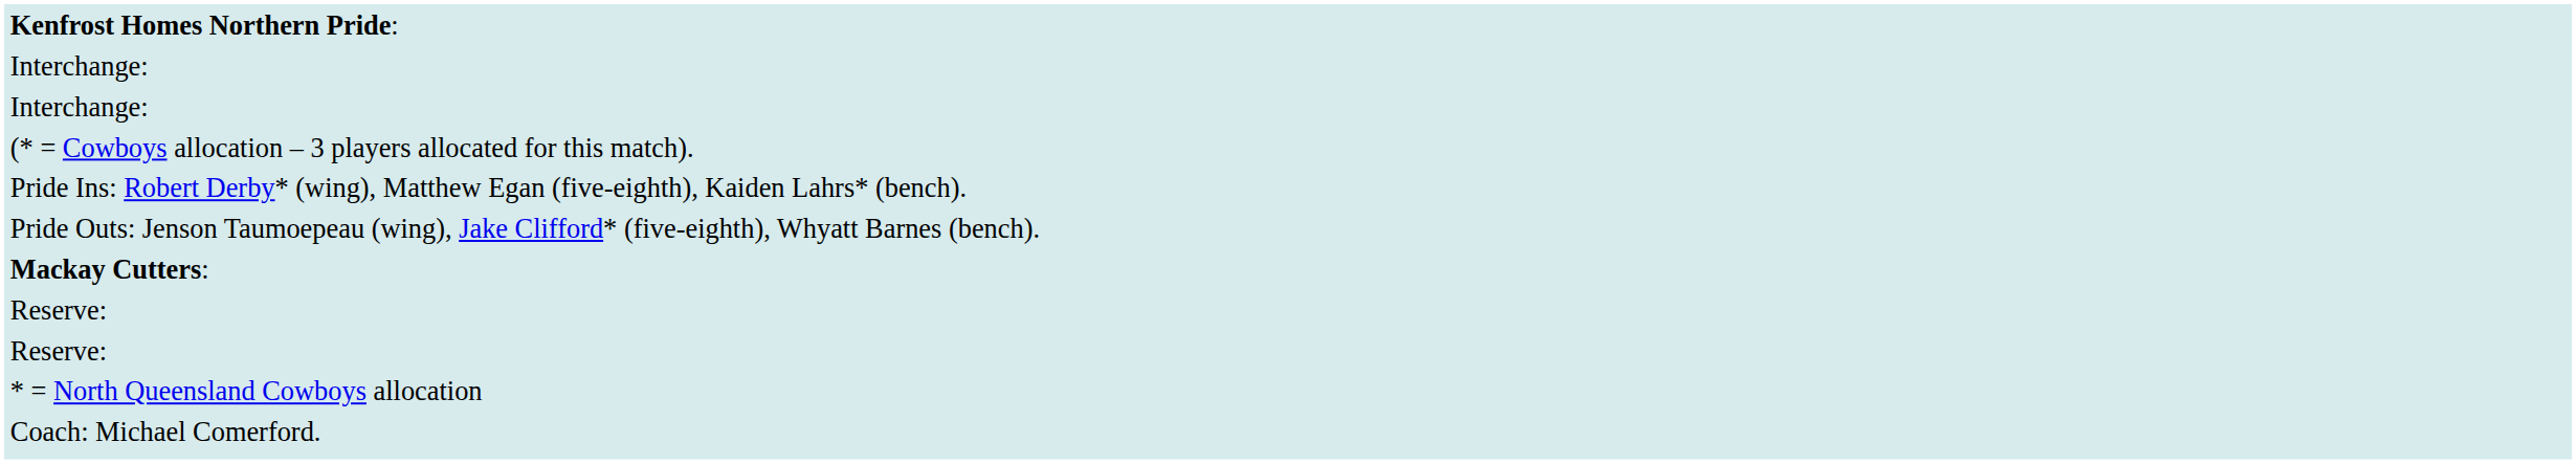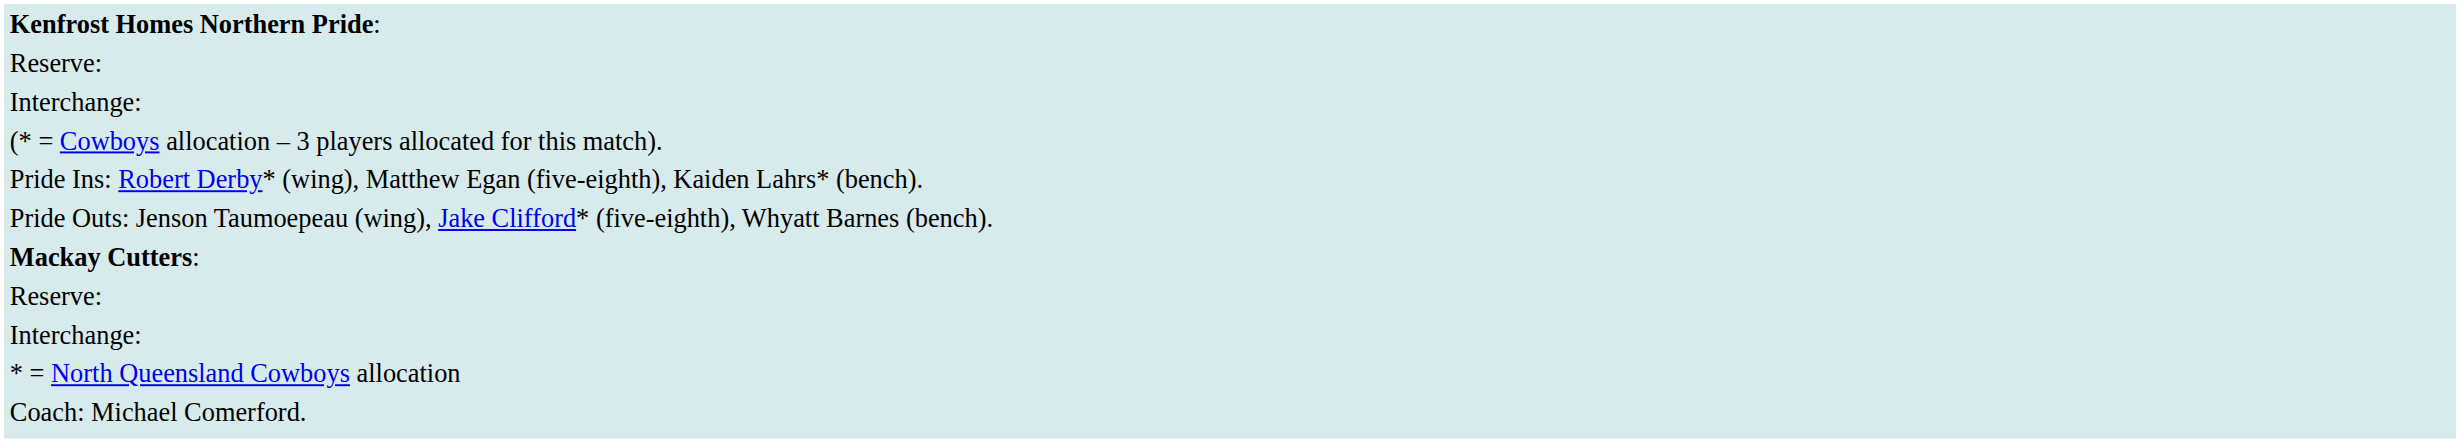 <table style="background:#d7ebed; font-size:85%; width:100%;">
 <tr>
 <td><strong>Kenfrost Homes Northern Pride</strong>:             </td>
 </tr>
 <tr>
-<td>Interchange:    </td>
+<td>Reserve: </td>
 </tr>
 <tr>
 <td>Interchange:    </td>
 </tr>
 <tr>
 <td>(* = <a href='#'>Cowboys</a> allocation – 3 players allocated for this match).</td>
 </tr>
 <tr>
 <td>Pride Ins: <a href='#'>Robert Derby</a>* (wing), Matthew Egan (five-eighth), Kaiden Lahrs* (bench).</td>
 </tr>
 <tr>
 <td>Pride Outs: Jenson Taumoepeau (wing), <a href='#'>Jake Clifford</a>* (five-eighth), Whyatt Barnes (bench).</td>
 </tr>
 <tr>
 <td><strong>Mackay Cutters</strong>:             </td>
 </tr>
 <tr>
 <td>Reserve: </td>
 </tr>
 <tr>
-<td>Reserve: </td>
+<td>Interchange:    </td>
 </tr>
 <tr>
 <td>* = <a href='#'>North Queensland Cowboys</a> allocation</td>
 </tr>
 <tr>
 <td>Coach: Michael Comerford.</td>
 </tr>
 <tr>
 </tr>
 </table>
